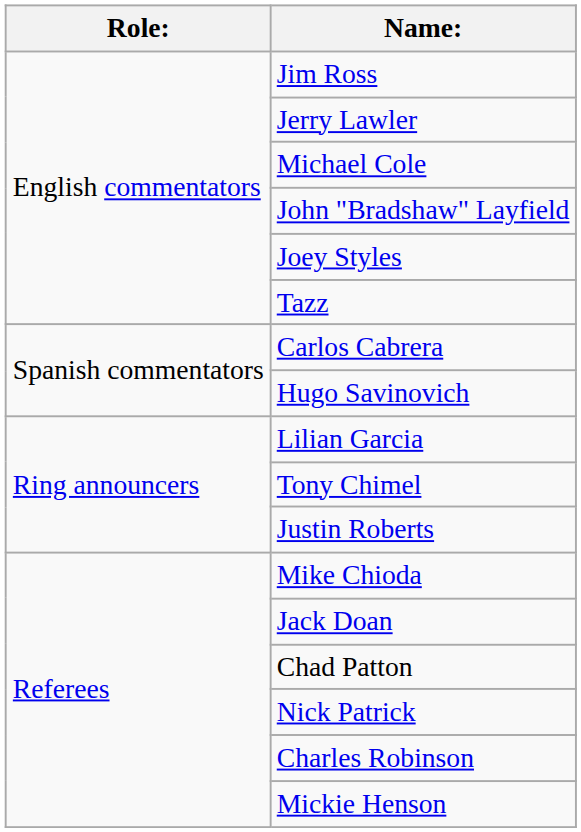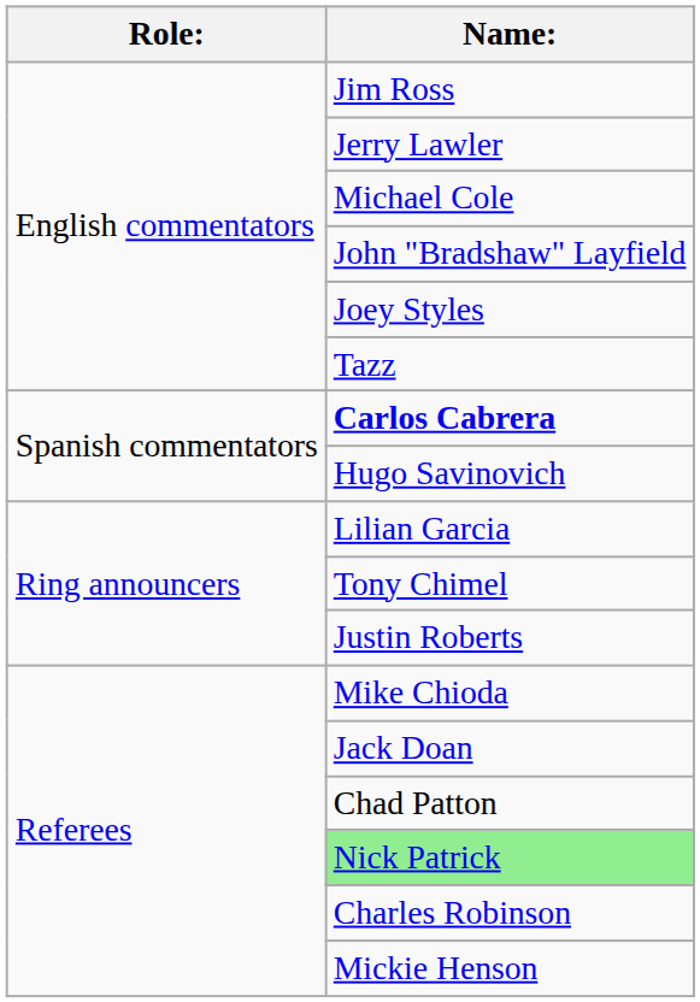 <table class=wikitable style="font-size:90%; margin: 0.5em 0 0.5em 1em; float: right; clear: right;">
 <tr>
 <th>Role:</th>
 <th>Name:</th>
 </tr>
 <tr>
 <td rowspan=6>English <a href='#'>commentators</a></td>
 <td><a href='#'>Jim Ross</a> </td>
 </tr>
 <tr>
 <td><a href='#'>Jerry Lawler</a> </td>
 </tr>
 <tr>
 <td><a href='#'>Michael Cole</a> </td>
 </tr>
 <tr>
 <td><a href='#'>John "Bradshaw" Layfield</a> </td>
 </tr>
 <tr>
 <td><a href='#'>Joey Styles</a> </td>
 </tr>
 <tr>
 <td><a href='#'>Tazz</a> </td>
 </tr>
 <tr>
 <td rowspan=2>Spanish commentators</td>
-<td><a href='#'>Carlos Cabrera</a></td>
+<td><strong><a href='#'>Carlos Cabrera</a></strong></td>
 </tr>
 <tr>
 <td><a href='#'>Hugo Savinovich</a></td>
 </tr>
 <tr>
 <td rowspan=3><a href='#'>Ring announcers</a></td>
 <td><a href='#'>Lilian Garcia</a> </td>
 </tr>
 <tr>
 <td><a href='#'>Tony Chimel</a> </td>
 </tr>
 <tr>
 <td><a href='#'>Justin Roberts</a> </td>
 </tr>
 <tr>
 <td rowspan=6><a href='#'>Referees</a></td>
 <td><a href='#'>Mike Chioda</a> </td>
 </tr>
 <tr>
 <td><a href='#'>Jack Doan</a> </td>
 </tr>
 <tr>
 <td>Chad Patton </td>
 </tr>
 <tr>
-<td><a href='#'>Nick Patrick</a> </td>
+<td style="background: lightgreen;"><a href='#'>Nick Patrick</a> </td>
 </tr>
 <tr>
 <td><a href='#'>Charles Robinson</a> </td>
 </tr>
 <tr>
 <td><a href='#'>Mickie Henson</a> </td>
 </tr>
 </table>
